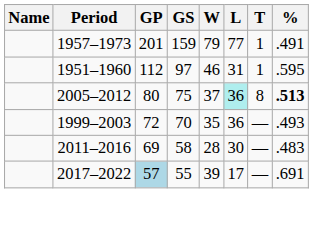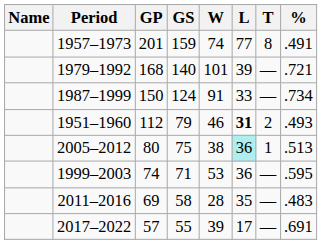 <table class="wikitable sortable" style="text-align:center">
 <tr>
 <th scope="col">Name</th>
 <th scope="col">Period</th>
 <th scope="col">GP</th>
 <th scope="col">GS</th>
 <th scope="col">W</th>
 <th scope="col">L</th>
 <th scope="col">T</th>
 <th scope="col">%</th>
 </tr>
 <tr>
 <td></td>
 <td>1957–1973</td>
 <td>201</td>
 <td>159</td>
-<td>79</td>
+<td>74</td>
 <td>77</td>
-<td>1</td>
+<td>8</td>
 <td>.491</td>
+</tr>
+<tr>
+<td></td>
+<td>1979–1992</td>
+<td>168</td>
+<td>140</td>
+<td>101</td>
+<td>39</td>
+<td>—</td>
+<td>.721</td>
+</tr>
+<tr>
+<td></td>
+<td>1987–1999</td>
+<td>150</td>
+<td>124</td>
+<td>91</td>
+<td>33</td>
+<td>—</td>
+<td>.734</td>
 </tr>
 <tr>
 <td></td>
 <td>1951–1960</td>
 <td>112</td>
-<td>97</td>
+<td>79</td>
 <td>46</td>
-<td>31</td>
-<td>1</td>
-<td>.595</td>
+<td><strong>31</strong></td>
+<td>2</td>
+<td>.493</td>
 </tr>
 <tr>
 <td></td>
 <td>2005–2012</td>
 <td>80</td>
 <td>75</td>
-<td>37</td>
+<td>38</td>
 <td style="background: paleturquoise;">36</td>
-<td>8</td>
-<td><strong>.513</strong></td>
+<td>1</td>
+<td>.513</td>
 </tr>
 <tr>
 <td></td>
 <td>1999–2003</td>
-<td>72</td>
-<td>70</td>
-<td>35</td>
+<td>74</td>
+<td>71</td>
+<td>53</td>
 <td>36</td>
 <td>—</td>
-<td>.493</td>
+<td>.595</td>
 </tr>
 <tr>
 <td></td>
 <td>2011–2016</td>
 <td>69</td>
 <td>58</td>
 <td>28</td>
-<td>30</td>
+<td>35</td>
 <td>—</td>
 <td>.483</td>
 </tr>
 <tr>
 <td></td>
 <td>2017–2022</td>
-<td style="background: lightblue;">57</td>
+<td>57</td>
 <td>55</td>
 <td>39</td>
 <td>17</td>
 <td>—</td>
 <td>.691</td>
 </tr>
 </table>
